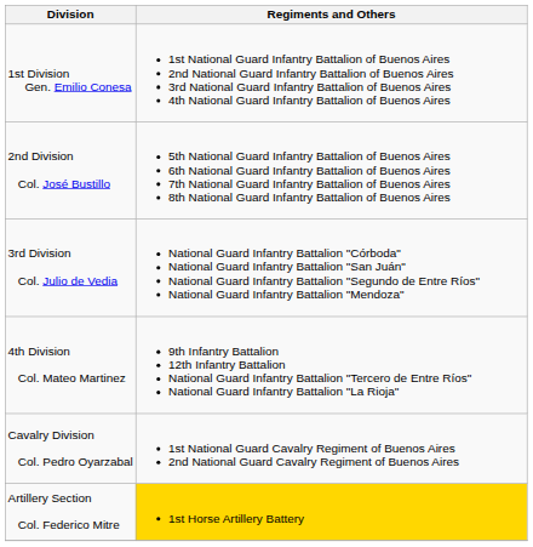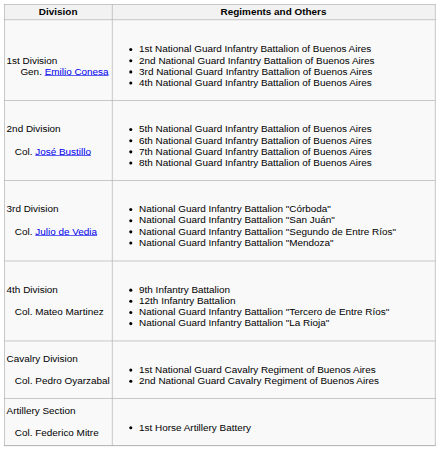 <table class="wikitable">
 <tr>
 <th width=25%>Division</th>
 <th>Regiments and Others</th>
 </tr>
 <tr>
 <td rowspan=1><br>1st Division <br>     Gen. <a href='#'>Emilio Conesa</a></td>
 <td><br><ul><li>1st National Guard Infantry Battalion of Buenos Aires</li><li>2nd National Guard Infantry Battalion of Buenos Aires</li><li>3rd National Guard Infantry Battalion of Buenos Aires</li><li>4th National Guard Infantry Battalion of Buenos Aires</li></ul></td>
 </tr>
 <tr>
 <td>2nd Division<br><br>   Col. <a href='#'>José Bustillo</a></td>
 <td><br><ul><li>5th National Guard Infantry Battalion of Buenos Aires</li><li>6th National Guard Infantry Battalion of Buenos Aires</li><li>7th National Guard Infantry Battalion of Buenos Aires</li><li>8th National Guard Infantry Battalion of Buenos Aires</li></ul></td>
 </tr>
 <tr>
 <td>3rd Division<br><br>   Col. <a href='#'>Julio de Vedia</a></td>
 <td><br><ul><li>National Guard Infantry Battalion "Córboda"</li><li>National Guard Infantry Battalion "San Juán"</li><li>National Guard Infantry Battalion "Segundo de Entre Ríos"</li><li>National Guard Infantry Battalion "Mendoza"</li></ul></td>
 </tr>
 <tr>
 <td>4th Division<br><br>   Col. Mateo Martinez</td>
 <td><br><ul><li>9th Infantry Battalion</li><li>12th Infantry Battalion</li><li>National Guard Infantry Battalion "Tercero de Entre Ríos"</li><li>National Guard Infantry Battalion "La Rioja"</li></ul></td>
 </tr>
 <tr>
 <td>Cavalry Division<br><br>   Col. Pedro Oyarzabal</td>
 <td><br><ul><li>1st National Guard Cavalry Regiment of Buenos Aires</li><li>2nd National Guard Cavalry Regiment of Buenos Aires</li></ul></td>
 </tr>
 <tr>
 <td>Artillery Section<br><br>   Col. Federico Mitre</td>
-<td style="background: gold;"><br><ul><li>1st Horse Artillery Battery</li></ul></td>
+<td><br><ul><li>1st Horse Artillery Battery</li></ul></td>
 </tr>
 <tr>
 </tr>
 </table>
